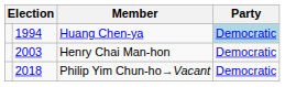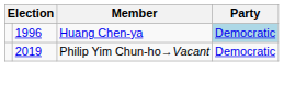 <table class="wikitable">
 <tr>
 <th colspan="2">Election</th>
 <th>Member</th>
 <th>Party</th>
 </tr>
 <tr>
 <td style="background-color: "></td>
-<td><a href='#'>1994</a></td>
+<td><a href='#'>1996</a></td>
 <td><a href='#'>Huang Chen-ya</a></td>
 <td style="background: lightblue;"><a href='#'>Democratic</a></td>
 </tr>
 <tr>
 <td style="background-color: "></td>
-<td><a href='#'>2003</a></td>
-<td>Henry Chai Man-hon</td>
-<td><a href='#'>Democratic</a></td>
-</tr>
-<tr>
-<td style="background-color: "></td>
-<td><a href='#'>2018</a></td>
+<td><a href='#'>2019</a></td>
 <td>Philip Yim Chun-ho→<em>Vacant</em></td>
 <td><a href='#'>Democratic</a></td>
 </tr>
 </table>
